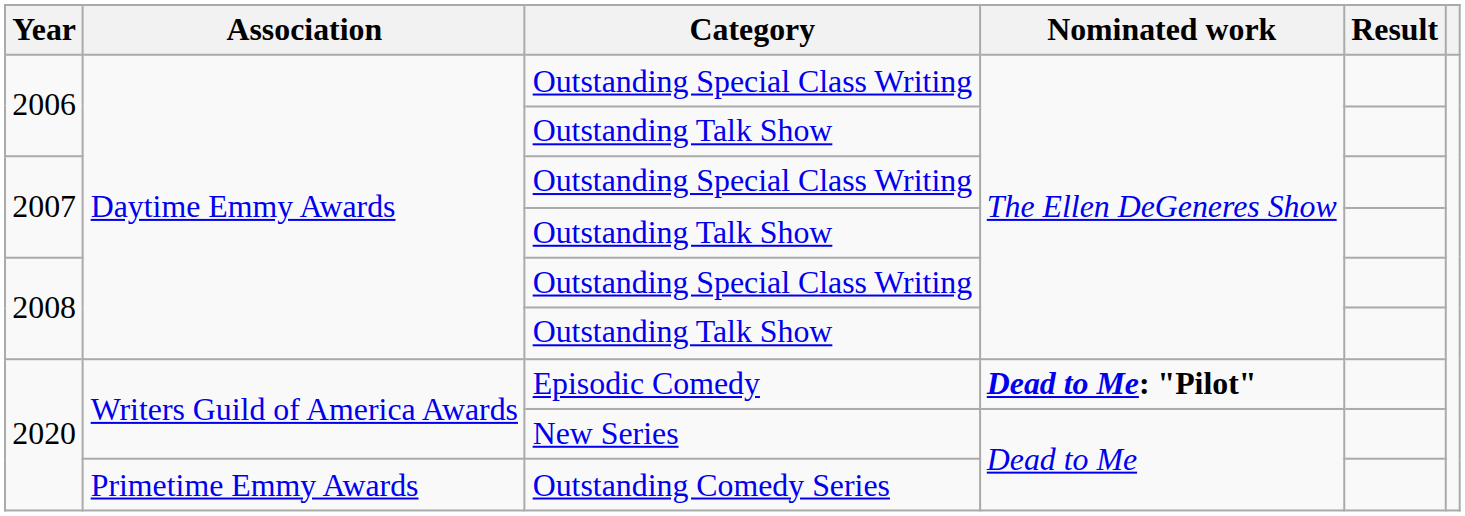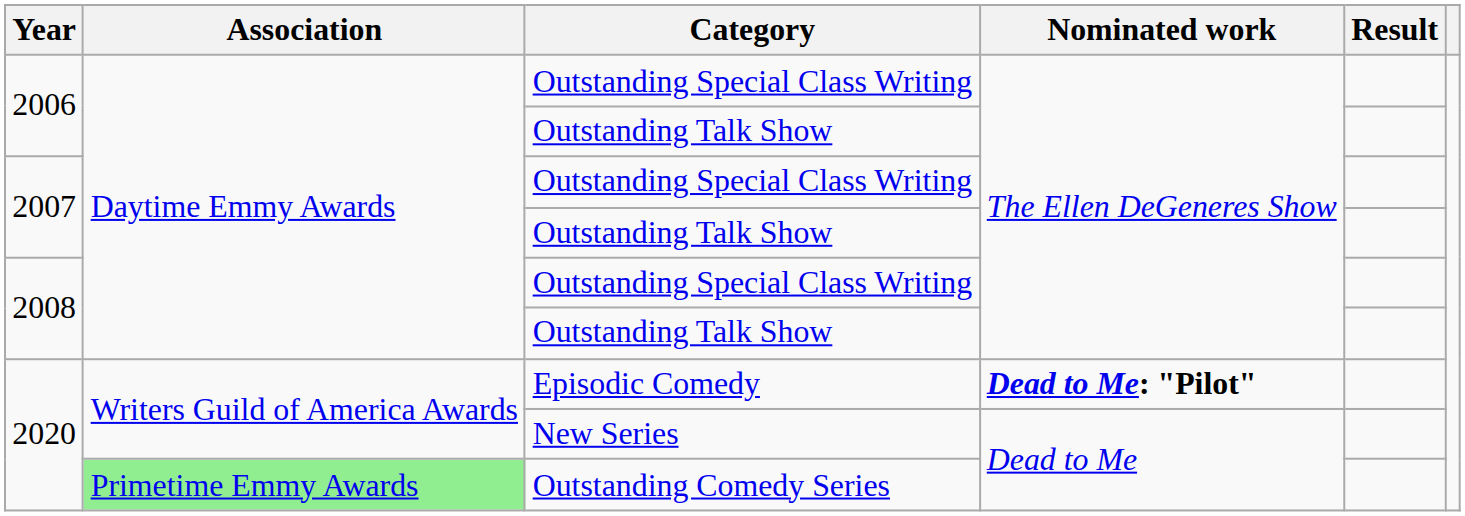 <table class="wikitable sortable">
 <tr>
 <th scope="col">Year</th>
 <th scope="col">Association</th>
 <th scope="col">Category</th>
 <th scope="col">Nominated work</th>
 <th scope="col">Result</th>
 <th scope="col" class="unsortable"></th>
 </tr>
 <tr>
 <td rowspan="2">2006</td>
 <td rowspan="6"><a href='#'>Daytime Emmy Awards</a></td>
 <td><a href='#'>Outstanding Special Class Writing</a></td>
 <td rowspan="6"><em><a href='#'>The Ellen DeGeneres Show</a></em></td>
 <td></td>
 <td rowspan="9" style="text-align:center;"></td>
 </tr>
 <tr>
 <td><a href='#'>Outstanding Talk Show</a></td>
 <td></td>
 </tr>
 <tr>
 <td rowspan="2">2007</td>
 <td><a href='#'>Outstanding Special Class Writing</a></td>
 <td></td>
 </tr>
 <tr>
 <td><a href='#'>Outstanding Talk Show</a></td>
 <td></td>
 </tr>
 <tr>
 <td rowspan="2">2008</td>
 <td><a href='#'>Outstanding Special Class Writing</a></td>
 <td></td>
 </tr>
 <tr>
 <td><a href='#'>Outstanding Talk Show</a></td>
 <td></td>
 </tr>
 <tr>
 <td rowspan="3">2020</td>
 <td rowspan="2"><a href='#'>Writers Guild of America Awards</a></td>
 <td><a href='#'>Episodic Comedy</a></td>
 <td><strong><em><a href='#'>Dead to Me</a></em>: "Pilot"</strong></td>
 <td></td>
 </tr>
 <tr>
 <td><a href='#'>New Series</a></td>
 <td rowspan="2"><em><a href='#'>Dead to Me</a></em></td>
 <td></td>
 </tr>
 <tr>
-<td><a href='#'>Primetime Emmy Awards</a></td>
+<td style="background: lightgreen;"><a href='#'>Primetime Emmy Awards</a></td>
 <td><a href='#'>Outstanding Comedy Series</a></td>
 <td></td>
 </tr>
 </table>
